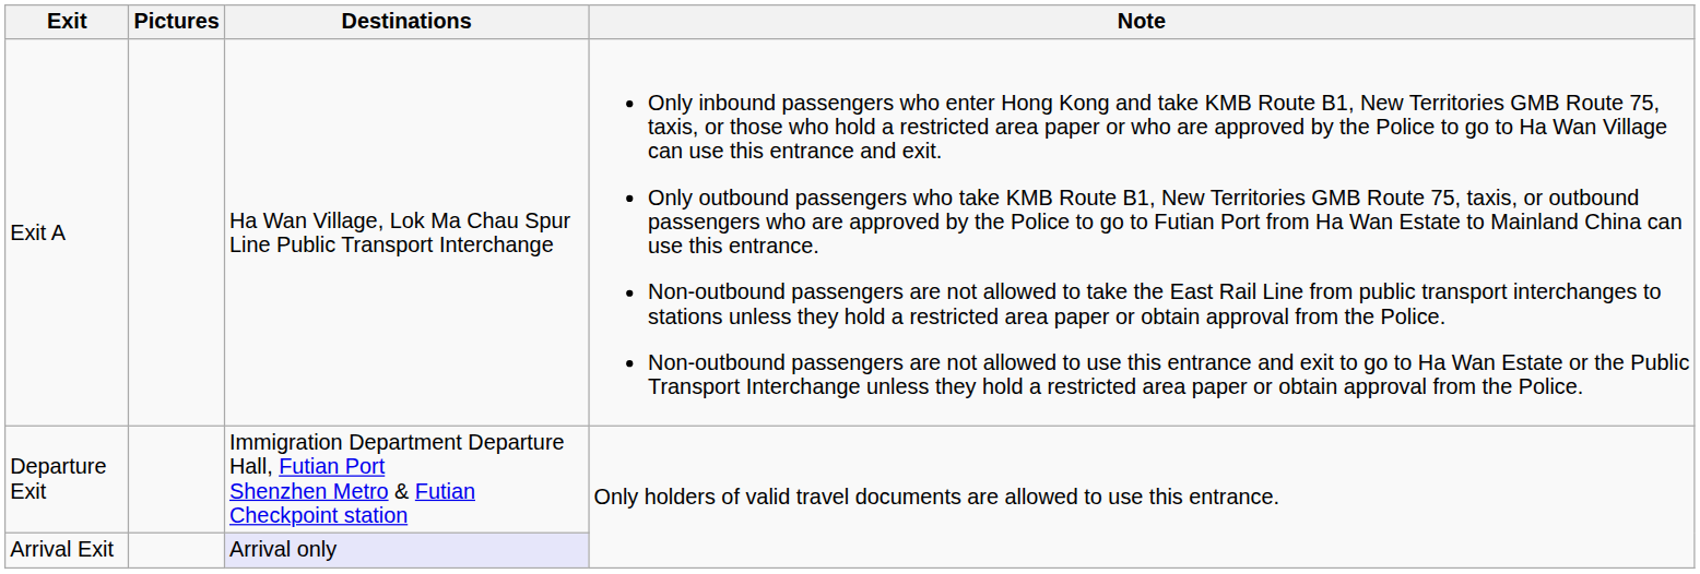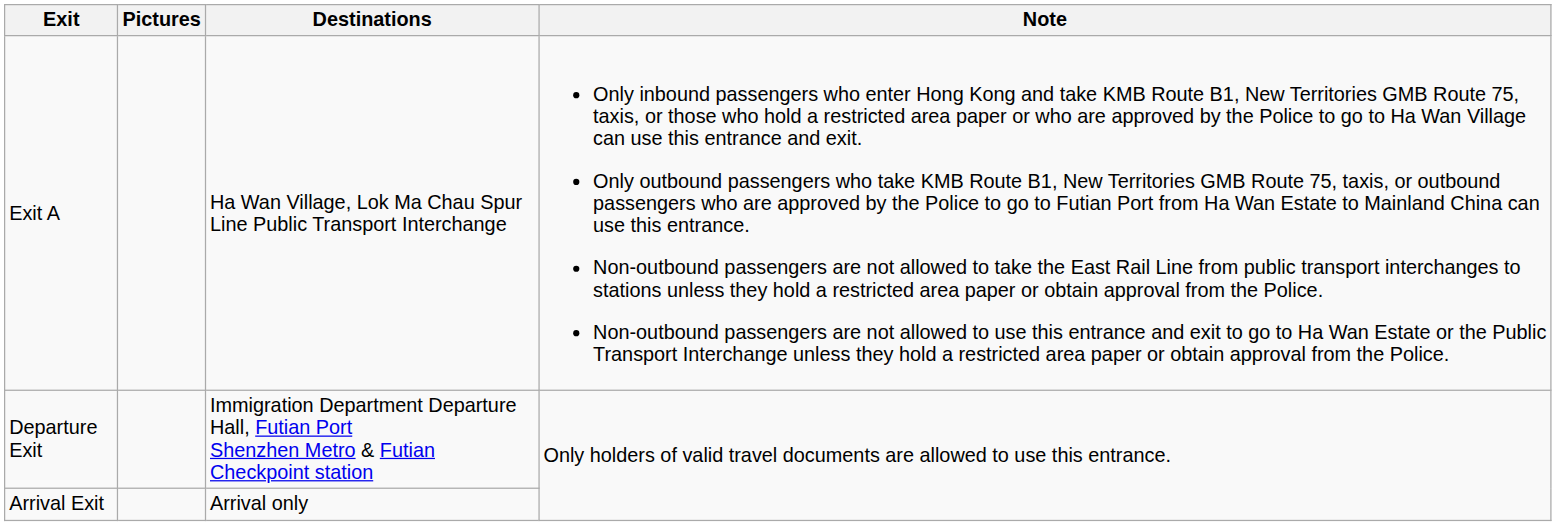 <table class="wikitable">
 <tr>
 <th>Exit</th>
 <th>Pictures</th>
 <th>Destinations</th>
 <th>Note</th>
 </tr>
 <tr>
 <td>Exit A</td>
 <td><br></td>
 <td>Ha Wan Village, Lok Ma Chau Spur Line Public Transport Interchange</td>
 <td><br><ul><li>Only inbound passengers who enter Hong Kong and take KMB Route B1, New Territories GMB Route 75, taxis, or those who hold a restricted area paper or who are approved by the Police to go to Ha Wan Village can use this entrance and exit.</li></ul><ul><li>Only outbound passengers who take KMB Route B1, New Territories GMB Route 75, taxis, or outbound passengers who are approved by the Police to go to Futian Port from Ha Wan Estate to Mainland China can use this entrance.</li></ul><ul><li>Non-outbound passengers are not allowed to take the East Rail Line from public transport interchanges to stations unless they hold a restricted area paper or obtain approval from the Police.</li></ul><ul><li>Non-outbound passengers are not allowed to use this entrance and exit to go to Ha Wan Estate or the Public Transport Interchange unless they hold a restricted area paper or obtain approval from the Police.</li></ul></td>
 </tr>
 <tr>
 <td>Departure Exit</td>
 <td></td>
 <td>Immigration Department Departure Hall, <a href='#'>Futian Port</a><br><a href='#'>Shenzhen Metro</a>  &                                                    <a href='#'>Futian Checkpoint station</a></td>
 <td rowspan="2">Only holders of valid travel documents are allowed to use this entrance.</td>
 </tr>
 <tr>
 <td>Arrival Exit</td>
 <td></td>
-<td style="background: lavender;">Arrival only</td>
+<td>Arrival only</td>
 </tr>
 </table>
